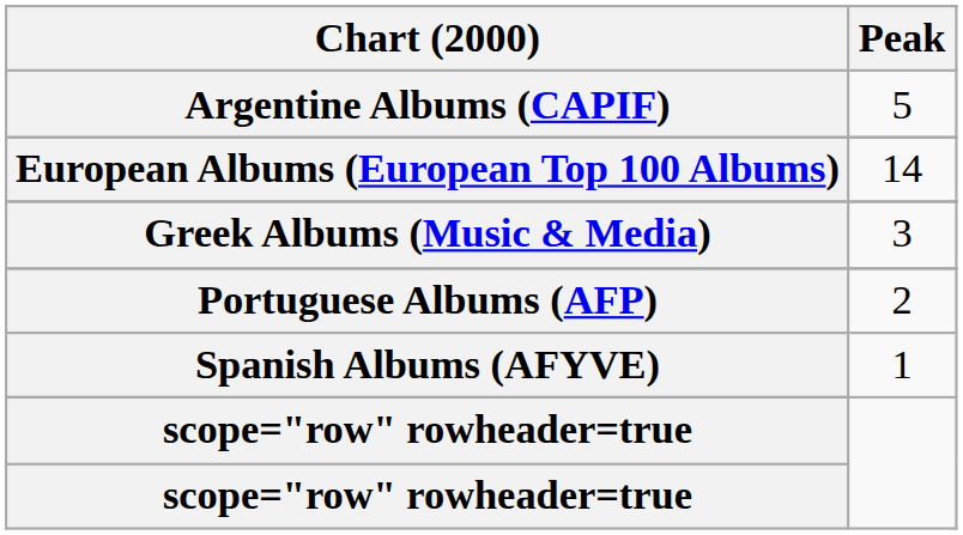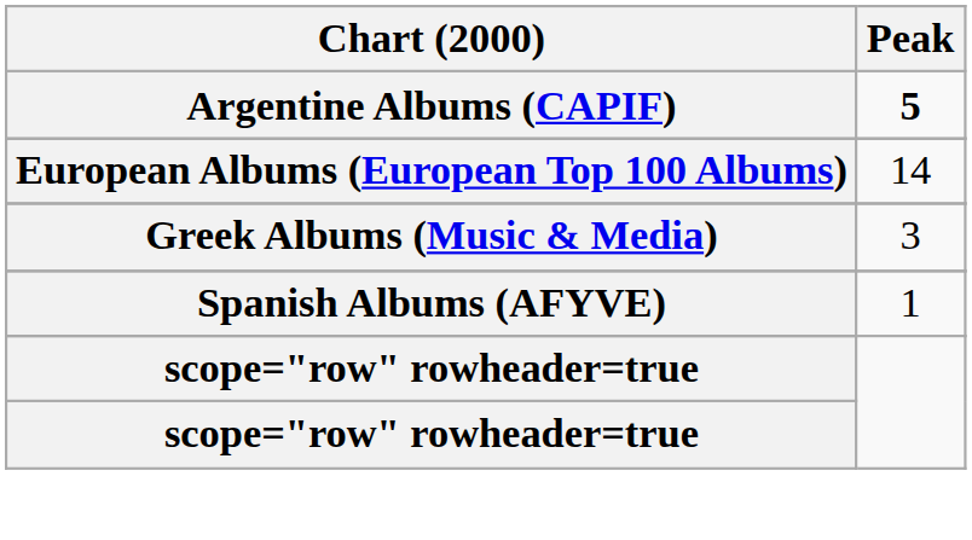 <table class="wikitable plainrowheaders sortable" style="text-align:center">
 <tr>
 <th scope="col">Chart (2000)</th>
 <th scope="col">Peak</th>
 </tr>
 <tr>
 <th scope="row">Argentine Albums (<a href='#'>CAPIF</a>)</th>
-<td style="text-align:center;">5</td>
+<td style="text-align:center;"><strong>5</strong></td>
 </tr>
 <tr>
 </tr>
 <tr>
 </tr>
 <tr>
 </tr>
 <tr>
 <th scope="row">European Albums (<a href='#'>European Top 100 Albums</a>)</th>
 <td>14</td>
 </tr>
 <tr>
 </tr>
 <tr>
 <th scope="row">Greek Albums (<a href='#'>Music & Media</a>)</th>
 <td align="center">3</td>
 </tr>
 <tr>
 </tr>
 <tr>
-<th scope="row">Portuguese Albums (<a href='#'>AFP</a>)</th>
-<td align="center">2</td>
-</tr>
-<tr>
 <th scope="row" align="left">Spanish Albums (AFYVE)</th>
 <td align="center">1</td>
 </tr>
 <tr>
 </tr>
 <tr>
 </tr>
 <tr>
 <th>scope="row" rowheader=true</th>
 </tr>
 <tr>
 <th>scope="row" rowheader=true</th>
 </tr>
 </table>
